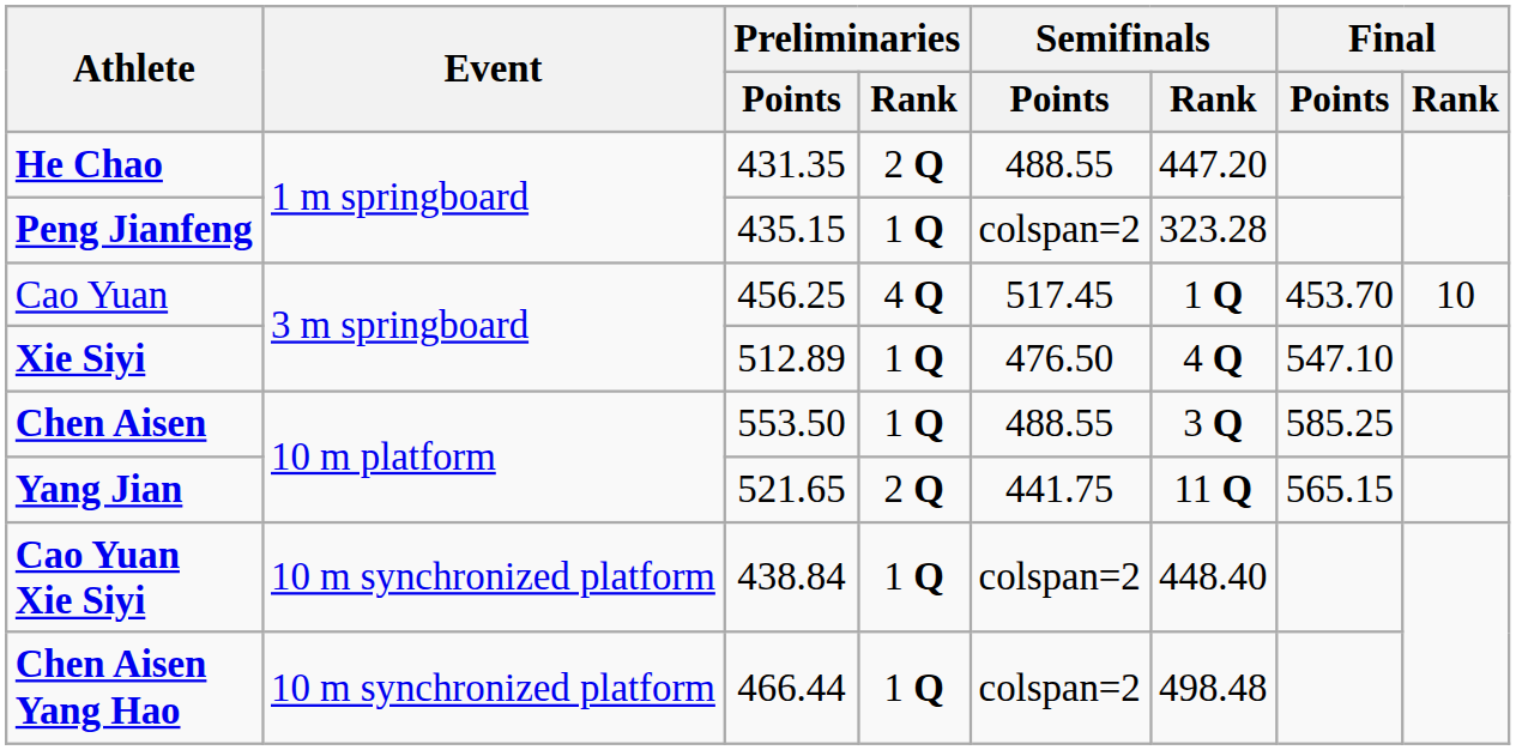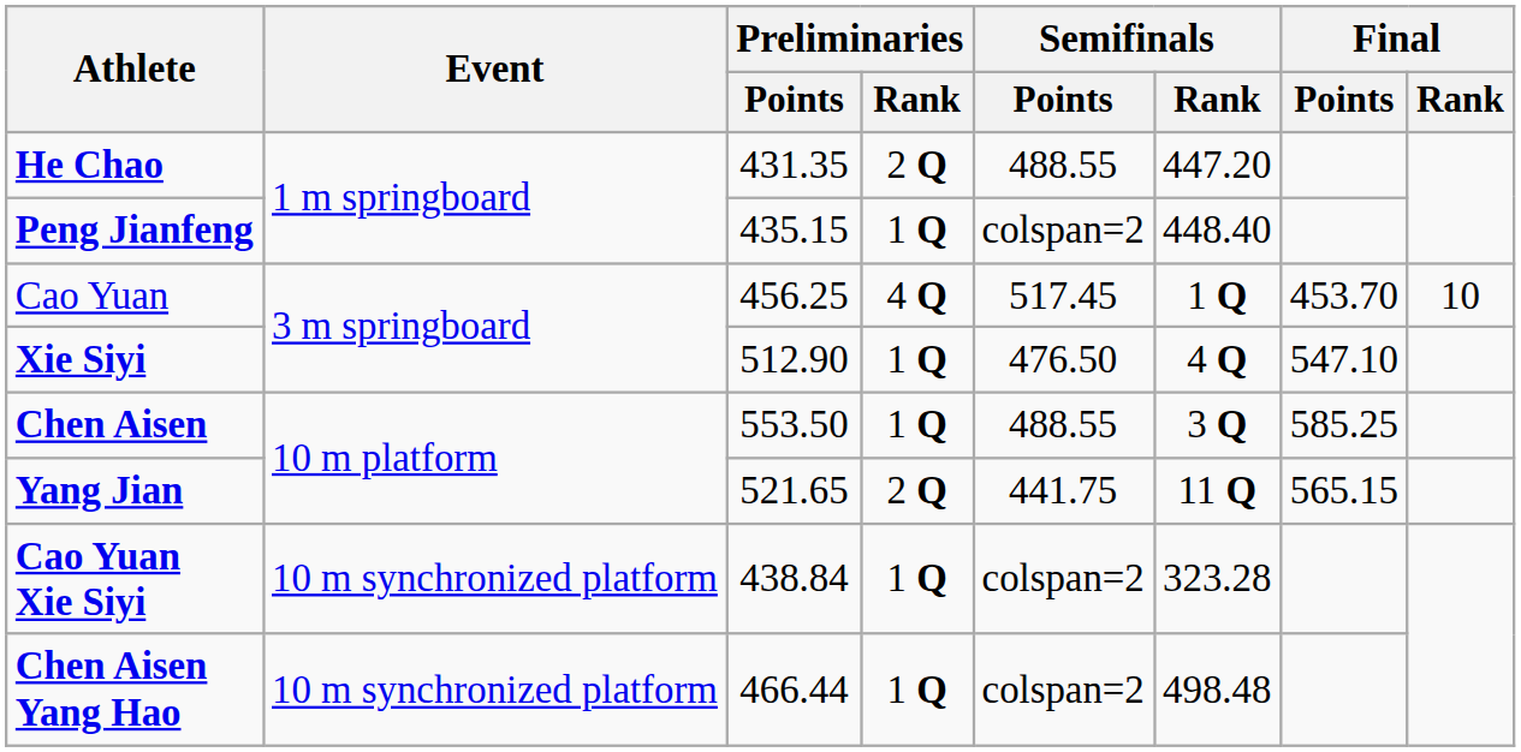 <table class=wikitable style="font-size:90%;">
 <tr>
 <th rowspan="2">Athlete</th>
 <th rowspan="2">Event</th>
 <th colspan="2">Preliminaries</th>
 <th colspan="2">Semifinals</th>
 <th colspan="2">Final</th>
 </tr>
 <tr style="font-size:95%">
 <th>Points</th>
 <th>Rank</th>
 <th>Points</th>
 <th>Rank</th>
 <th>Points</th>
 <th>Rank</th>
 </tr>
 <tr align=center>
 <td align=left><strong><a href='#'>He Chao</a></strong></td>
 <td align=left rowspan=2><a href='#'>1 m springboard</a></td>
 <td>431.35</td>
 <td>2 <strong>Q</strong></td>
 <td>488.55</td>
 <td>447.20</td>
 <td></td>
 </tr>
 <tr align=center>
 <td align=left><strong><a href='#'>Peng Jianfeng</a></strong></td>
 <td>435.15</td>
 <td>1 <strong>Q</strong></td>
 <td>colspan=2 </td>
-<td>323.28</td>
+<td>448.40</td>
 <td></td>
 </tr>
 <tr align=center>
 <td align=left><a href='#'>Cao Yuan</a></td>
 <td align=left rowspan=2><a href='#'>3 m springboard</a></td>
 <td>456.25</td>
 <td>4 <strong>Q</strong></td>
 <td>517.45</td>
 <td>1 <strong>Q</strong></td>
 <td>453.70</td>
 <td>10</td>
 </tr>
 <tr align=center>
 <td align=left><strong><a href='#'>Xie Siyi</a></strong></td>
-<td>512.89</td>
+<td>512.90</td>
 <td>1 <strong>Q</strong></td>
 <td>476.50</td>
 <td>4 <strong>Q</strong></td>
 <td>547.10</td>
 <td></td>
 </tr>
 <tr align=center>
 <td align=left><strong><a href='#'>Chen Aisen</a></strong></td>
 <td align=left rowspan=2><a href='#'>10 m platform</a></td>
 <td>553.50</td>
 <td>1 <strong>Q</strong></td>
 <td>488.55</td>
 <td>3 <strong>Q</strong></td>
 <td>585.25</td>
 <td></td>
 </tr>
 <tr align=center>
 <td align=left><strong><a href='#'>Yang Jian</a></strong></td>
 <td>521.65</td>
 <td>2 <strong>Q</strong></td>
 <td>441.75</td>
 <td>11 <strong>Q</strong></td>
 <td>565.15</td>
 <td></td>
 </tr>
 <tr align=center>
 <td align=left><strong><a href='#'>Cao Yuan</a><br><a href='#'>Xie Siyi</a></strong></td>
 <td align=left><a href='#'>10 m synchronized platform</a></td>
 <td>438.84</td>
 <td>1 <strong>Q</strong></td>
 <td>colspan=2 </td>
-<td>448.40</td>
+<td>323.28</td>
 <td></td>
 </tr>
 <tr align=center>
 <td align=left><strong><a href='#'>Chen Aisen</a><br><a href='#'>Yang Hao</a></strong></td>
 <td align=left><a href='#'>10 m synchronized platform</a></td>
 <td>466.44</td>
 <td>1 <strong>Q</strong></td>
 <td>colspan=2 </td>
 <td>498.48</td>
 <td></td>
 </tr>
 </table>
